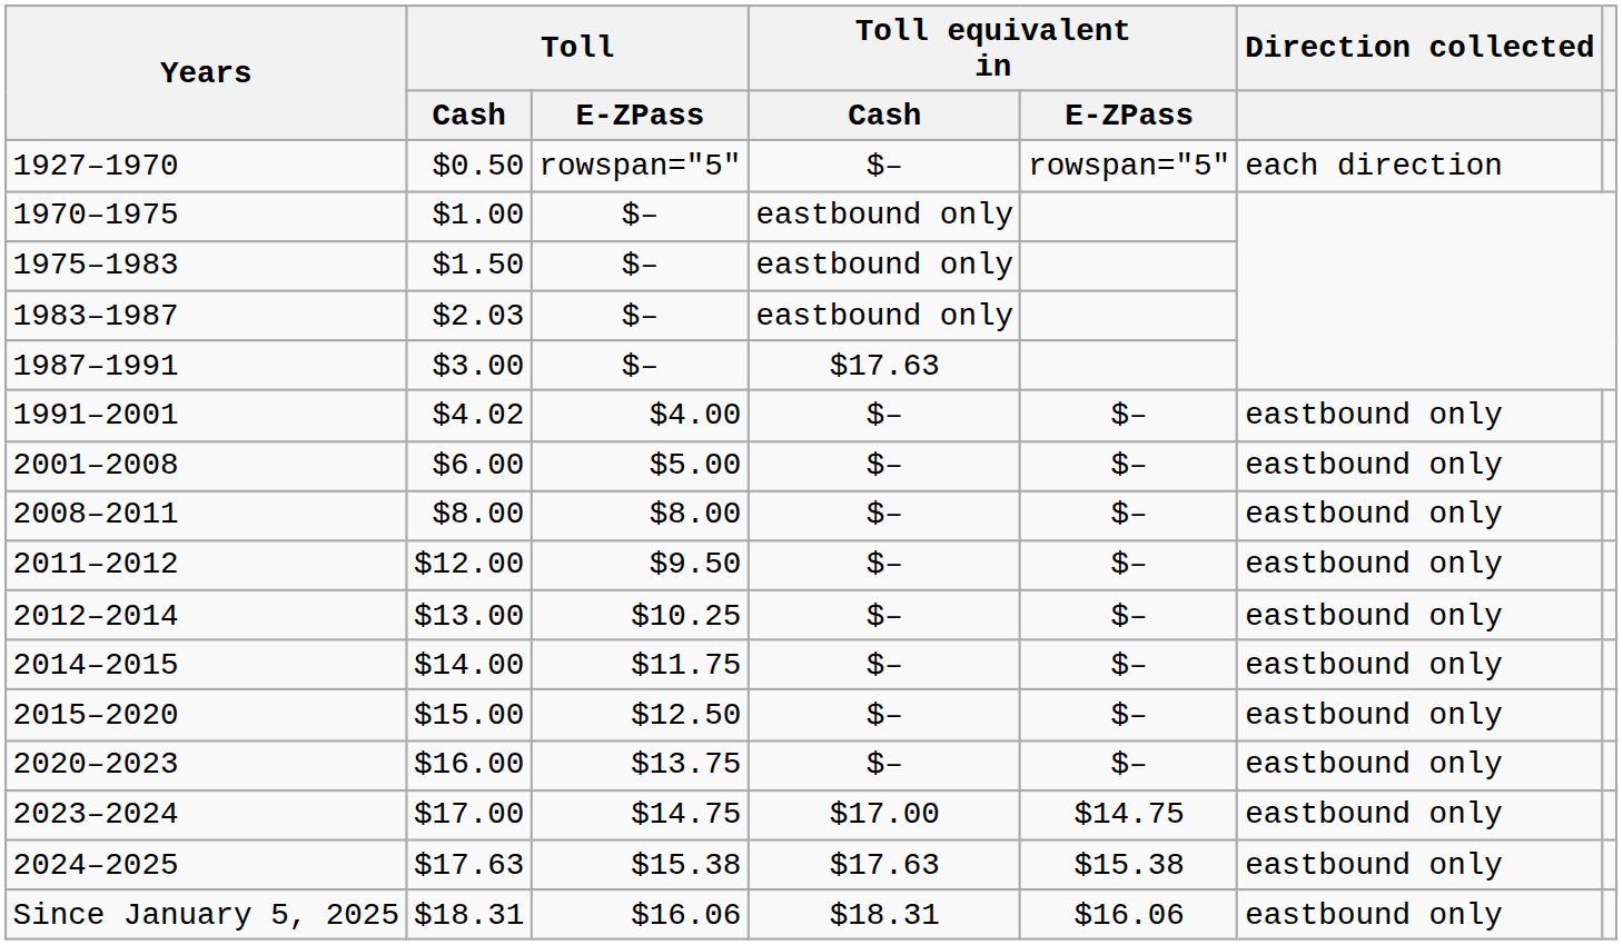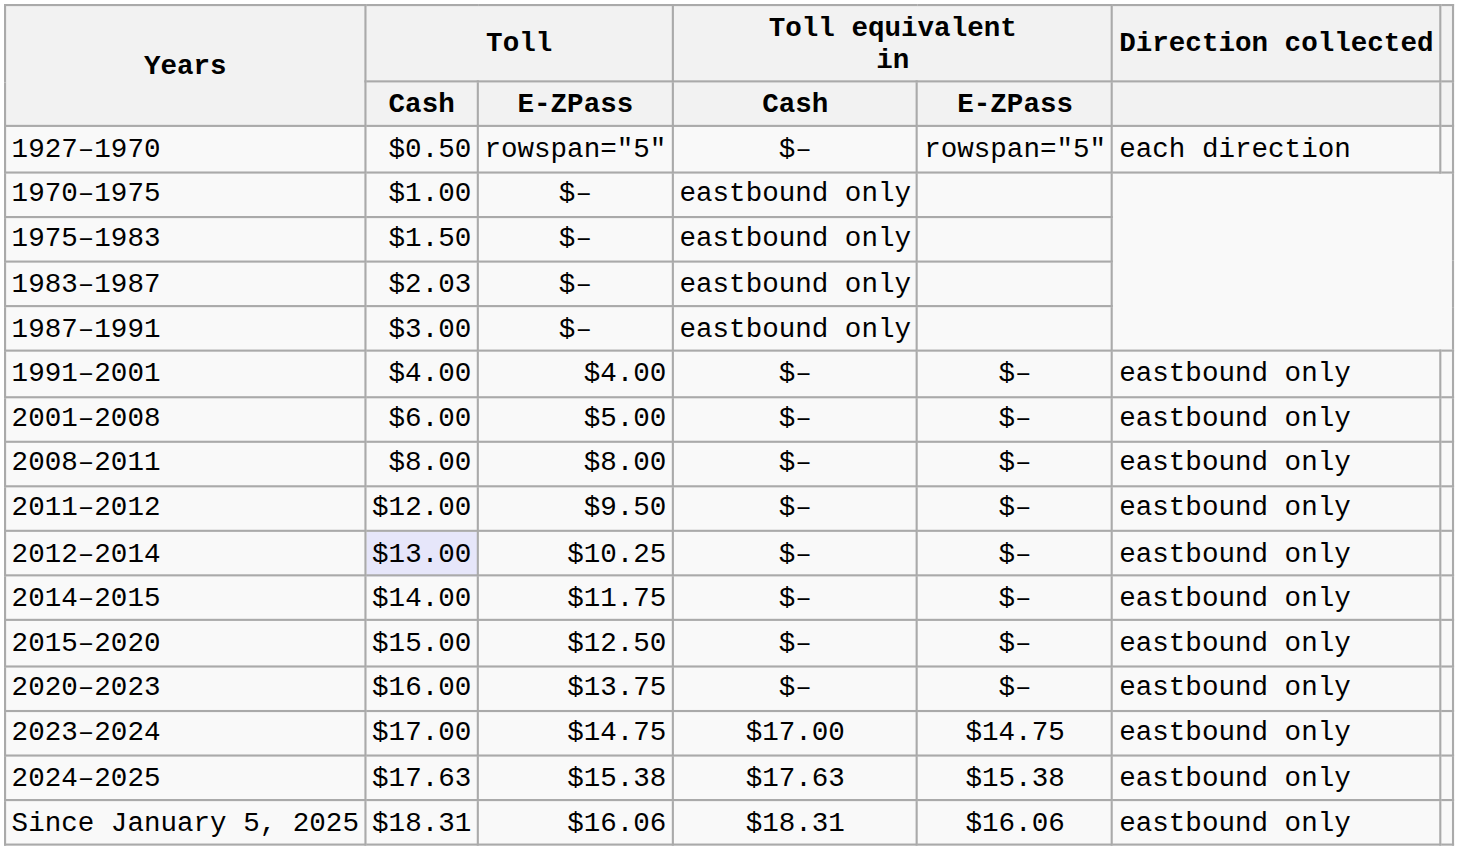 <table class="wikitable sortable">
 <tr>
 <th rowspan="2" scope="col">Years</th>
 <th colspan="2" scope="col">Toll</th>
 <th colspan="2" scope="col">Toll equivalent<br>in </th>
 <th scope="col">Direction collected</th>
 <th class=unsortable></th>
 </tr>
 <tr>
 <th>Cash</th>
 <th>E-ZPass</th>
 <th>Cash</th>
 <th>E-ZPass</th>
 <th></th>
 <th></th>
 </tr>
 <tr>
 <td>1927–1970</td>
 <td align="right">$0.50</td>
 <td>rowspan="5" </td>
 <td align="center">$–</td>
 <td>rowspan="5" </td>
 <td>each direction</td>
 <td></td>
 </tr>
 <tr>
 <td>1970–1975</td>
 <td align=right>$1.00</td>
 <td align=center>$–</td>
 <td>eastbound only</td>
 <td></td>
 </tr>
 <tr>
 <td>1975–1983</td>
 <td align=right>$1.50</td>
 <td align=center>$–</td>
 <td>eastbound only</td>
 <td></td>
 </tr>
 <tr>
 <td>1983–1987</td>
 <td align=right>$2.03</td>
 <td align=center>$–</td>
 <td>eastbound only</td>
 <td></td>
 </tr>
 <tr>
 <td>1987–1991</td>
 <td align=right>$3.00</td>
 <td align=center>$–</td>
-<td align="center">$17.63</td>
+<td>eastbound only</td>
 <td></td>
 </tr>
 <tr>
 <td>1991–2001</td>
-<td align=right>$4.02</td>
+<td align=right>$4.00</td>
 <td align=right>$4.00</td>
 <td align="center">$–</td>
 <td align="center">$–</td>
 <td>eastbound only</td>
 <td></td>
 </tr>
 <tr>
 <td>2001–2008</td>
 <td align=right>$6.00</td>
 <td align=right>$5.00</td>
 <td align="center">$–</td>
 <td align="center">$–</td>
 <td>eastbound only</td>
 <td></td>
 </tr>
 <tr>
 <td>2008–2011</td>
 <td align=right>$8.00</td>
 <td align=right>$8.00</td>
 <td align="center">$–</td>
 <td align="center">$–</td>
 <td>eastbound only</td>
 <td></td>
 </tr>
 <tr>
 <td>2011–2012</td>
 <td align=right>$12.00</td>
 <td align=right>$9.50</td>
 <td align="center">$–</td>
 <td align="center">$–</td>
 <td>eastbound only</td>
 <td></td>
 </tr>
 <tr>
 <td>2012–2014</td>
-<td align=right>$13.00</td>
+<td align=right style="background: lavender;">$13.00</td>
 <td align=right>$10.25</td>
 <td align="center">$–</td>
 <td align="center">$–</td>
 <td>eastbound only</td>
 <td></td>
 </tr>
 <tr>
 <td>2014–2015</td>
 <td align=right>$14.00</td>
 <td align=right>$11.75</td>
 <td align="center">$–</td>
 <td align="center">$–</td>
 <td>eastbound only</td>
 <td></td>
 </tr>
 <tr>
 <td>2015–2020</td>
 <td align=right>$15.00</td>
 <td align=right>$12.50</td>
 <td align="center">$–</td>
 <td align="center">$–</td>
 <td>eastbound only</td>
 <td></td>
 </tr>
 <tr>
 <td>2020–2023</td>
 <td align=right>$16.00</td>
 <td align=right>$13.75</td>
 <td align="center">$–</td>
 <td align="center">$–</td>
 <td>eastbound only</td>
 <td></td>
 </tr>
 <tr>
 <td>2023–2024</td>
 <td align=right>$17.00</td>
 <td align=right>$14.75</td>
 <td align="center">$17.00</td>
 <td align="center">$14.75</td>
 <td>eastbound only</td>
 <td></td>
 </tr>
 <tr>
 <td>2024–2025</td>
 <td align=right>$17.63</td>
 <td align=right>$15.38</td>
 <td align="center">$17.63</td>
 <td align="center">$15.38</td>
 <td>eastbound only</td>
 <td></td>
 </tr>
 <tr>
 <td>Since January 5, 2025</td>
 <td align=right>$18.31</td>
 <td align=right>$16.06</td>
 <td align="center">$18.31</td>
 <td align="center">$16.06</td>
 <td>eastbound only</td>
 <td></td>
 </tr>
 </table>
